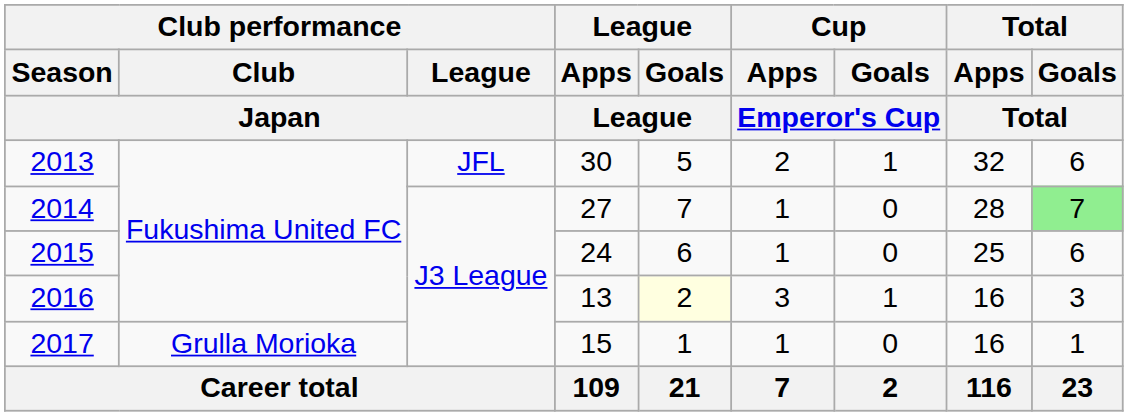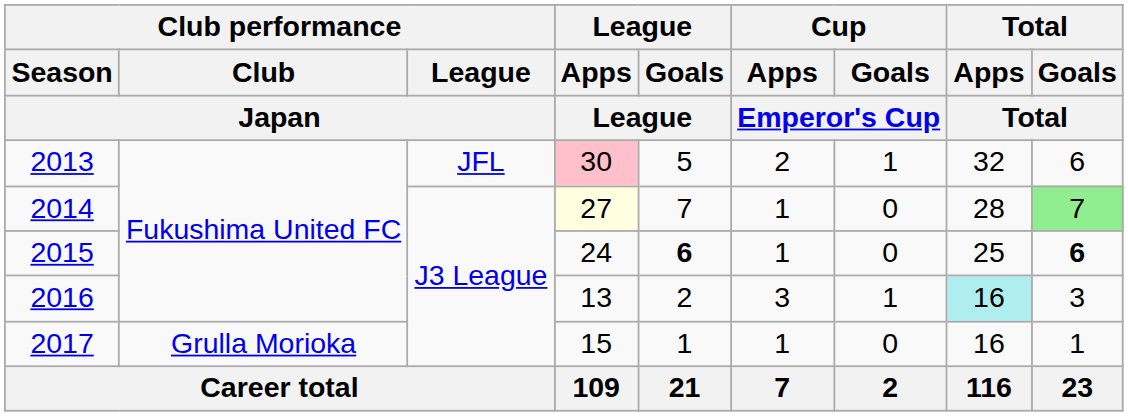 <table class="wikitable" style="text-align:center">
 <tr>
 <th colspan=3>Club performance</th>
 <th colspan=2>League</th>
 <th colspan=2>Cup</th>
 <th colspan=2>Total</th>
 </tr>
 <tr>
 <th>Season</th>
 <th>Club</th>
 <th>League</th>
 <th>Apps</th>
 <th>Goals</th>
 <th>Apps</th>
 <th>Goals</th>
 <th>Apps</th>
 <th>Goals</th>
 </tr>
 <tr>
 <th colspan=3>Japan</th>
 <th colspan=2>League</th>
 <th colspan=2><a href='#'>Emperor's Cup</a></th>
 <th colspan=2>Total</th>
 </tr>
 <tr>
 <td><a href='#'>2013</a></td>
 <td rowspan="4"><a href='#'>Fukushima United FC</a></td>
 <td rowspan="1"><a href='#'>JFL</a></td>
-<td>30</td>
+<td style="background: pink;">30</td>
 <td>5</td>
 <td>2</td>
 <td>1</td>
 <td>32</td>
 <td>6</td>
 </tr>
 <tr>
 <td><a href='#'>2014</a></td>
 <td rowspan="4"><a href='#'>J3 League</a></td>
-<td>27</td>
+<td style="background: lightyellow;">27</td>
 <td>7</td>
 <td>1</td>
 <td>0</td>
 <td>28</td>
 <td style="background: lightgreen;">7</td>
 </tr>
 <tr>
 <td><a href='#'>2015</a></td>
 <td>24</td>
-<td>6</td>
+<td><strong>6</strong></td>
 <td>1</td>
 <td>0</td>
 <td>25</td>
-<td>6</td>
+<td><strong>6</strong></td>
 </tr>
 <tr>
 <td><a href='#'>2016</a></td>
 <td>13</td>
-<td style="background: lightyellow;">2</td>
+<td>2</td>
 <td>3</td>
 <td>1</td>
-<td>16</td>
+<td style="background: paleturquoise;">16</td>
 <td>3</td>
 </tr>
 <tr>
 <td><a href='#'>2017</a></td>
 <td><a href='#'>Grulla Morioka</a></td>
 <td>15</td>
 <td>1</td>
 <td>1</td>
 <td>0</td>
 <td>16</td>
 <td>1</td>
 </tr>
 <tr>
 <th colspan=3>Career total</th>
 <th>109</th>
 <th>21</th>
 <th>7</th>
 <th>2</th>
 <th>116</th>
 <th>23</th>
 </tr>
 </table>
